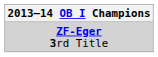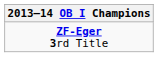 <table class=wikitable style="text-align:center; margin:auto">
 <tr>
 <th>2013–14 <a href='#'>OB I</a> Champions</th>
 </tr>
 <tr>
-<td style="background: lightgrey;"><strong><a href='#'>ZF-Eger</a></strong><br><strong>3</strong>rd Title</td>
+<td><strong><a href='#'>ZF-Eger</a></strong><br><strong>3</strong>rd Title</td>
 </tr>
 </table>
